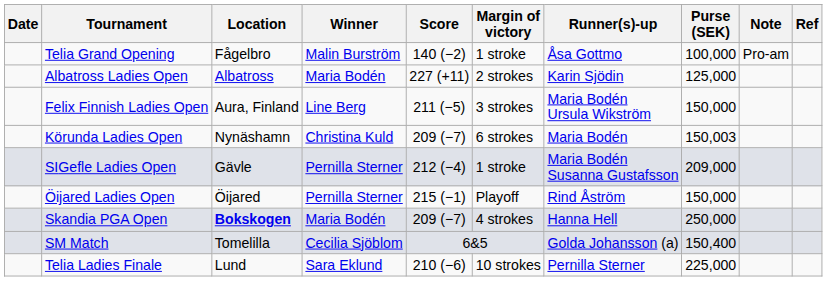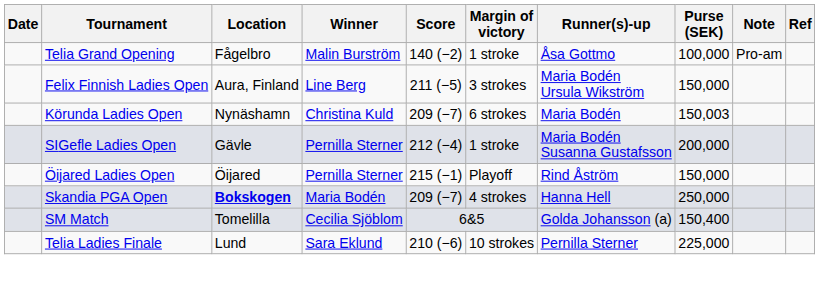 <table class="wikitable" style="font-size:95%;">
 <tr>
 <th>Date</th>
 <th>Tournament</th>
 <th>Location</th>
 <th>Winner</th>
 <th>Score</th>
 <th>Margin of<br>victory</th>
 <th>Runner(s)-up</th>
 <th>Purse<br>(SEK)</th>
 <th>Note</th>
 <th>Ref</th>
 </tr>
 <tr>
 <td></td>
 <td><a href='#'>Telia Grand Opening</a></td>
 <td>Fågelbro</td>
 <td> <a href='#'>Malin Burström</a></td>
 <td align=center>140 (−2)</td>
 <td>1 stroke</td>
 <td> <a href='#'>Åsa Gottmo</a></td>
 <td align=right>100,000</td>
 <td>Pro-am</td>
-<td></td>
-</tr>
-<tr>
-<td></td>
-<td><a href='#'>Albatross Ladies Open</a></td>
-<td><a href='#'>Albatross</a></td>
-<td> <a href='#'>Maria Bodén</a></td>
-<td align=center>227 (+11)</td>
-<td>2 strokes</td>
-<td> <a href='#'>Karin Sjödin</a></td>
-<td align=right>125,000</td>
-<td></td>
 <td></td>
 </tr>
 <tr>
 <td></td>
 <td><a href='#'>Felix Finnish Ladies Open</a></td>
 <td>Aura, Finland</td>
 <td> <a href='#'>Line Berg</a></td>
 <td align=center>211 (−5)</td>
 <td>3 strokes</td>
 <td> <a href='#'>Maria Bodén</a><br> <a href='#'>Ursula Wikström</a></td>
 <td align=right>150,000</td>
 <td></td>
 <td></td>
 </tr>
 <tr>
 <td></td>
 <td><a href='#'>Körunda Ladies Open</a></td>
 <td>Nynäshamn</td>
 <td> <a href='#'>Christina Kuld</a></td>
 <td align=center>209 (−7)</td>
 <td>6 strokes</td>
 <td> <a href='#'>Maria Bodén</a></td>
 <td align=right>150,003</td>
 <td></td>
 <td></td>
 </tr>
 <tr style="background:#dfe2e9;">
 <td></td>
 <td><a href='#'>SI</a><a href='#'>Gefle Ladies Open</a></td>
 <td>Gävle</td>
 <td> <a href='#'>Pernilla Sterner</a></td>
 <td align=center>212 (−4)</td>
 <td>1 stroke</td>
 <td> <a href='#'>Maria Bodén</a><br> <a href='#'>Susanna Gustafsson</a></td>
-<td align=right>209,000</td>
+<td align=right>200,000</td>
 <td></td>
 <td></td>
 </tr>
 <tr>
 <td></td>
 <td><a href='#'>Öijared Ladies Open</a></td>
 <td>Öijared</td>
 <td> <a href='#'>Pernilla Sterner</a></td>
 <td align=center>215 (−1)</td>
 <td>Playoff</td>
 <td> <a href='#'>Rind Åström</a></td>
 <td align=right>150,000</td>
 <td></td>
 <td></td>
 </tr>
 <tr style="background:#dfe2e9;">
 <td></td>
 <td><a href='#'>Skandia PGA Open</a></td>
 <td><strong><a href='#'>Bokskogen</a></strong></td>
 <td> <a href='#'>Maria Bodén</a></td>
 <td align=center>209 (−7)</td>
 <td>4 strokes</td>
 <td> <a href='#'>Hanna Hell</a></td>
 <td align=right>250,000</td>
 <td></td>
 <td></td>
 </tr>
 <tr style="background:#dfe2e9;">
 <td></td>
 <td><a href='#'>SM Match</a></td>
 <td>Tomelilla</td>
 <td> <a href='#'>Cecilia Sjöblom</a></td>
 <td colspan=2 align=center>6&5</td>
 <td> <a href='#'>Golda Johansson</a> (a)</td>
 <td align=right>150,400</td>
 <td></td>
 <td></td>
 </tr>
 <tr>
 <td></td>
 <td><a href='#'>Telia Ladies Finale</a></td>
 <td>Lund</td>
 <td> <a href='#'>Sara Eklund</a></td>
 <td align=center>210 (−6)</td>
 <td>10 strokes</td>
 <td> <a href='#'>Pernilla Sterner</a></td>
 <td align=right>225,000</td>
 <td></td>
 <td></td>
 </tr>
 </table>
